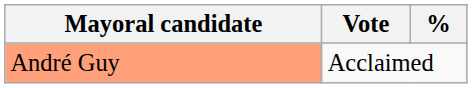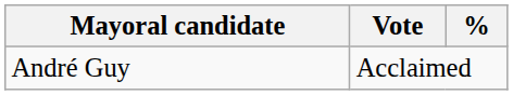 <table class="wikitable">
 <tr>
 <th bgcolor="#DDDDFF" width="200px">Mayoral candidate</th>
 <th bgcolor="#DDDDFF" width="50px">Vote</th>
 <th bgcolor="#DDDDFF" width="30px">%</th>
 </tr>
 <tr>
-<td style="background: lightsalmon;">André Guy</td>
+<td>André Guy</td>
 <td colspan="2">Acclaimed</td>
 </tr>
 </table>
